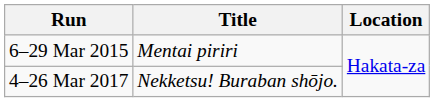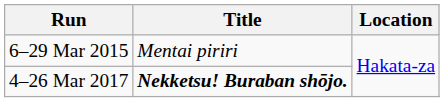 <table class="wikitable">
 <tr>
 <th>Run</th>
 <th>Title</th>
 <th>Location</th>
 </tr>
 <tr>
 <td>6–29 Mar 2015</td>
 <td><em>Mentai piriri</em></td>
 <td rowspan="2"><a href='#'>Hakata-za</a></td>
 </tr>
 <tr>
 <td>4–26 Mar 2017</td>
-<td><em>Nekketsu! Buraban shōjo.</em></td>
+<td><strong><em>Nekketsu! Buraban shōjo.</em></strong></td>
 </tr>
 </table>
